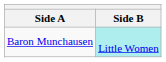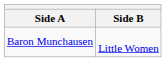 <table class="wikitable">
 <tr>
 <th colspan=2></th>
 </tr>
 <tr>
 <th>Side A</th>
 <th>Side B</th>
 </tr>
 <tr>
 <td><a href='#'>Baron Munchausen</a><br></td>
-<td style="background: paleturquoise;"><br><a href='#'>Little Women</a></td>
+<td><br><a href='#'>Little Women</a></td>
 </tr>
 </table>
